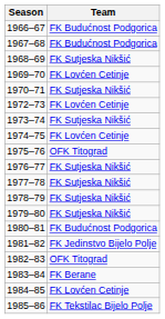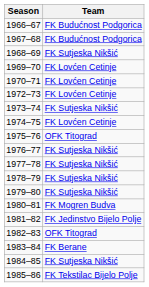 <table class="wikitable" style="font-size:90%">
 <tr>
 <th>Season</th>
 <th>Team</th>
 </tr>
 <tr>
 <td>1966–67</td>
 <td><a href='#'>FK Budućnost Podgorica</a></td>
 </tr>
 <tr>
 <td>1967–68</td>
 <td><a href='#'>FK Budućnost Podgorica</a></td>
 </tr>
 <tr>
 <td>1968–69</td>
 <td><a href='#'>FK Sutjeska Nikšić</a></td>
 </tr>
 <tr>
 <td>1969–70</td>
 <td><a href='#'>FK Lovćen Cetinje</a></td>
 </tr>
 <tr>
 <td>1970–71</td>
-<td><a href='#'>FK Sutjeska Nikšić</a></td>
+<td><a href='#'>FK Lovćen Cetinje</a></td>
 </tr>
 <tr>
 <td>1972–73</td>
 <td><a href='#'>FK Lovćen Cetinje</a></td>
 </tr>
 <tr>
 <td>1973–74</td>
 <td><a href='#'>FK Sutjeska Nikšić</a></td>
 </tr>
 <tr>
 <td>1974–75</td>
 <td><a href='#'>FK Lovćen Cetinje</a></td>
 </tr>
 <tr>
 <td>1975–76</td>
 <td><a href='#'>OFK Titograd</a></td>
 </tr>
 <tr>
 <td>1976–77</td>
 <td><a href='#'>FK Sutjeska Nikšić</a></td>
 </tr>
 <tr>
 <td>1977–78</td>
 <td><a href='#'>FK Sutjeska Nikšić</a></td>
 </tr>
 <tr>
 <td>1978–79</td>
 <td><a href='#'>FK Sutjeska Nikšić</a></td>
 </tr>
 <tr>
 <td>1979–80</td>
 <td><a href='#'>FK Sutjeska Nikšić</a></td>
 </tr>
 <tr>
 <td>1980–81</td>
-<td><a href='#'>FK Budućnost Podgorica</a></td>
+<td><a href='#'>FK Mogren Budva</a></td>
 </tr>
 <tr>
 <td>1981–82</td>
 <td><a href='#'>FK Jedinstvo Bijelo Polje</a></td>
 </tr>
 <tr>
 <td>1982–83</td>
 <td><a href='#'>OFK Titograd</a></td>
 </tr>
 <tr>
 <td>1983–84</td>
 <td><a href='#'>FK Berane</a></td>
 </tr>
 <tr>
 <td>1984–85</td>
-<td><a href='#'>FK Lovćen Cetinje</a></td>
+<td><a href='#'>FK Sutjeska Nikšić</a></td>
 </tr>
 <tr>
 <td>1985–86</td>
 <td><a href='#'>FK Tekstilac Bijelo Polje</a></td>
 </tr>
 </table>
